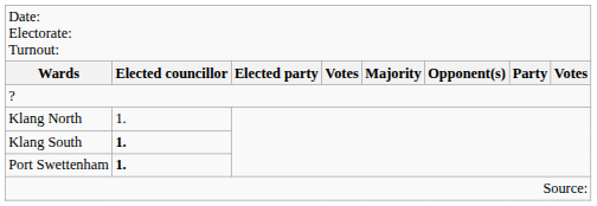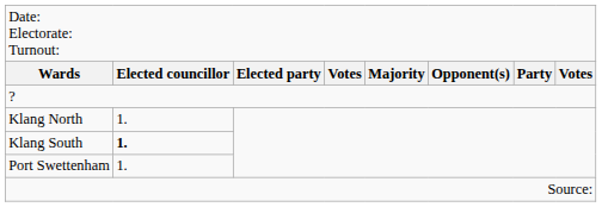 <table class=wikitable>
 <tr>
 <td colspan=8>Date: <br>Electorate: <br>Turnout:</td>
 </tr>
 <tr>
 <th>Wards</th>
 <th>Elected councillor</th>
 <th>Elected party</th>
 <th>Votes</th>
 <th>Majority</th>
 <th>Opponent(s)</th>
 <th>Party</th>
 <th>Votes</th>
 </tr>
 <tr>
 <td colspan=8>? </td>
 </tr>
 <tr>
 <td>Klang North</td>
 <td>1.</td>
 </tr>
 <tr>
 <td>Klang South</td>
 <td><strong>1.</strong></td>
 </tr>
 <tr>
 <td>Port Swettenham</td>
-<td><strong>1.</strong></td>
+<td>1.</td>
 </tr>
 <tr>
 <td colspan=8 align=right>Source:</td>
 </tr>
 </table>
